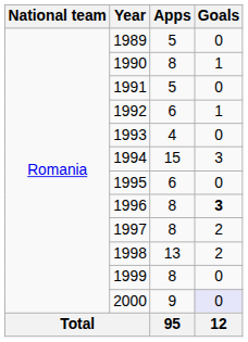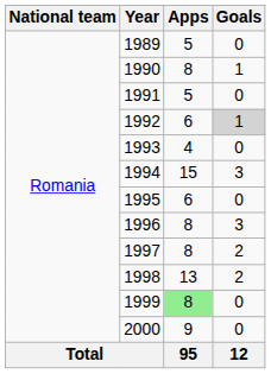 <table class="wikitable" style="text-align:center">
 <tr>
 <th>National team</th>
 <th>Year</th>
 <th>Apps</th>
 <th>Goals</th>
 </tr>
 <tr>
 <td rowspan="12"><a href='#'>Romania</a></td>
 <td>1989</td>
 <td>5</td>
 <td>0</td>
 </tr>
 <tr>
 <td>1990</td>
 <td>8</td>
 <td>1</td>
 </tr>
 <tr>
 <td>1991</td>
 <td>5</td>
 <td>0</td>
 </tr>
 <tr>
 <td>1992</td>
 <td>6</td>
-<td>1</td>
+<td style="background: lightgrey;">1</td>
 </tr>
 <tr>
 <td>1993</td>
 <td>4</td>
 <td>0</td>
 </tr>
 <tr>
 <td>1994</td>
 <td>15</td>
 <td>3</td>
 </tr>
 <tr>
 <td>1995</td>
 <td>6</td>
 <td>0</td>
 </tr>
 <tr>
 <td>1996</td>
 <td>8</td>
-<td><strong>3</strong></td>
+<td>3</td>
 </tr>
 <tr>
 <td>1997</td>
 <td>8</td>
 <td>2</td>
 </tr>
 <tr>
 <td>1998</td>
 <td>13</td>
 <td>2</td>
 </tr>
 <tr>
 <td>1999</td>
-<td>8</td>
+<td style="background: lightgreen;">8</td>
 <td>0</td>
 </tr>
 <tr>
 <td>2000</td>
 <td>9</td>
-<td style="background: lavender;">0</td>
+<td>0</td>
 </tr>
 <tr>
 <th colspan="2">Total</th>
 <th>95</th>
 <th>12</th>
 </tr>
 </table>
